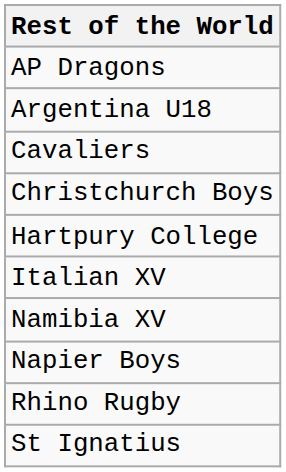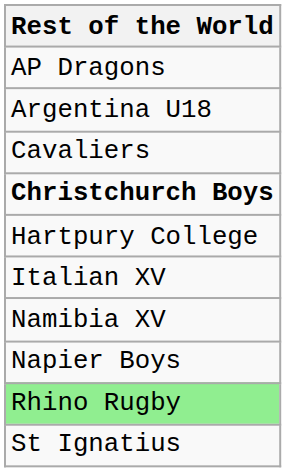 <table class="wikitable">
 <tr>
 <th>Rest of the World </th>
 </tr>
 <tr>
 <td> AP Dragons</td>
 </tr>
 <tr>
 <td> Argentina U18</td>
 </tr>
 <tr>
 <td> Cavaliers</td>
 </tr>
 <tr>
-<td> Christchurch Boys</td>
+<td><strong> Christchurch Boys</strong></td>
 </tr>
 <tr>
 <td> Hartpury College</td>
 </tr>
 <tr>
 <td> Italian XV</td>
 </tr>
 <tr>
 <td> Namibia XV</td>
 </tr>
 <tr>
 <td> Napier Boys</td>
 </tr>
 <tr>
-<td> Rhino Rugby</td>
+<td style="background: lightgreen;"> Rhino Rugby</td>
 </tr>
 <tr>
 <td> St Ignatius</td>
 </tr>
 </table>
